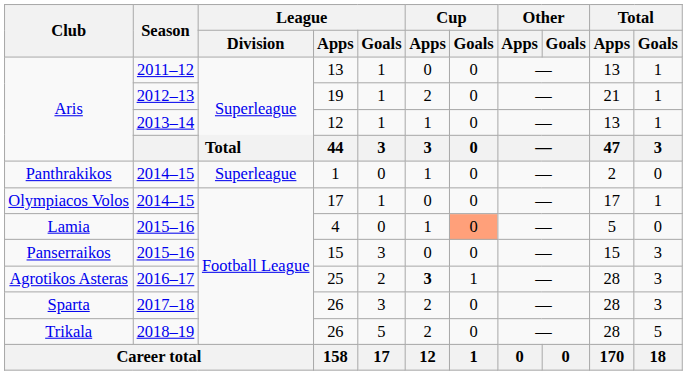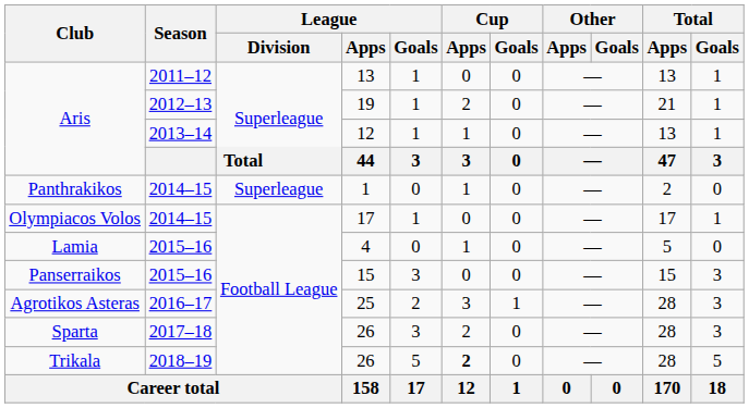 <table class="wikitable" style="text-align: center;">
 <tr>
 <th rowspan="2">Club</th>
 <th rowspan="2">Season</th>
 <th colspan="3">League</th>
 <th colspan="2">Cup</th>
 <th colspan="2">Other</th>
 <th colspan="2">Total</th>
 </tr>
 <tr>
 <th>Division</th>
 <th>Apps</th>
 <th>Goals</th>
 <th>Apps</th>
 <th>Goals</th>
 <th>Apps</th>
 <th>Goals</th>
 <th>Apps</th>
 <th>Goals</th>
 </tr>
 <tr>
 <td rowspan="4"><a href='#'>Aris</a></td>
 <td><a href='#'>2011–12</a></td>
 <td rowspan="4"><a href='#'>Superleague</a></td>
 <td>13</td>
 <td>1</td>
 <td>0</td>
 <td>0</td>
 <td colspan="2">—</td>
 <td>13</td>
 <td>1</td>
 </tr>
 <tr>
 <td><a href='#'>2012–13</a></td>
 <td>19</td>
 <td>1</td>
 <td>2</td>
 <td>0</td>
 <td colspan="2">—</td>
 <td>21</td>
 <td>1</td>
 </tr>
 <tr>
 <td><a href='#'>2013–14</a></td>
 <td>12</td>
 <td>1</td>
 <td>1</td>
 <td>0</td>
 <td colspan="2">—</td>
 <td>13</td>
 <td>1</td>
 </tr>
 <tr>
 <th colspan="2">Total</th>
 <th>44</th>
 <th>3</th>
 <th>3</th>
 <th>0</th>
 <th colspan="2">—</th>
 <th>47</th>
 <th>3</th>
 </tr>
 <tr>
 <td rowspan="1"><a href='#'>Panthrakikos</a></td>
 <td><a href='#'>2014–15</a></td>
 <td><a href='#'>Superleague</a></td>
 <td>1</td>
 <td>0</td>
 <td>1</td>
 <td>0</td>
 <td colspan="2">—</td>
 <td>2</td>
 <td>0</td>
 </tr>
 <tr>
 <td rowspan="1"><a href='#'>Olympiacos Volos</a></td>
 <td><a href='#'>2014–15</a></td>
 <td rowspan="6"><a href='#'>Football League</a></td>
 <td>17</td>
 <td>1</td>
 <td>0</td>
 <td>0</td>
 <td colspan="2">—</td>
 <td>17</td>
 <td>1</td>
 </tr>
 <tr>
 <td rowspan="1"><a href='#'>Lamia</a></td>
 <td><a href='#'>2015–16</a></td>
 <td>4</td>
 <td>0</td>
 <td>1</td>
-<td style="background: lightsalmon;">0</td>
+<td>0</td>
 <td colspan="2">—</td>
 <td>5</td>
 <td>0</td>
 </tr>
 <tr>
 <td rowspan="1"><a href='#'>Panserraikos</a></td>
 <td><a href='#'>2015–16</a></td>
 <td>15</td>
 <td>3</td>
 <td>0</td>
 <td>0</td>
 <td colspan="2">—</td>
 <td>15</td>
 <td>3</td>
 </tr>
 <tr>
 <td rowspan="1"><a href='#'>Agrotikos Asteras</a></td>
 <td><a href='#'>2016–17</a></td>
 <td>25</td>
 <td>2</td>
-<td><strong>3</strong></td>
+<td>3</td>
 <td>1</td>
 <td colspan="2">—</td>
 <td>28</td>
 <td>3</td>
 </tr>
 <tr>
 <td rowspan="1"><a href='#'>Sparta</a></td>
 <td><a href='#'>2017–18</a></td>
 <td>26</td>
 <td>3</td>
 <td>2</td>
 <td>0</td>
 <td colspan="2">—</td>
 <td>28</td>
 <td>3</td>
 </tr>
 <tr>
 <td rowspan="1"><a href='#'>Trikala</a></td>
 <td><a href='#'>2018–19</a></td>
 <td>26</td>
 <td>5</td>
-<td>2</td>
+<td><strong>2</strong></td>
 <td>0</td>
 <td colspan="2">—</td>
 <td>28</td>
 <td>5</td>
 </tr>
 <tr>
 <th colspan="3">Career total</th>
 <th>158</th>
 <th>17</th>
 <th>12</th>
 <th>1</th>
 <th>0</th>
 <th>0</th>
 <th>170</th>
 <th>18</th>
 </tr>
 </table>
